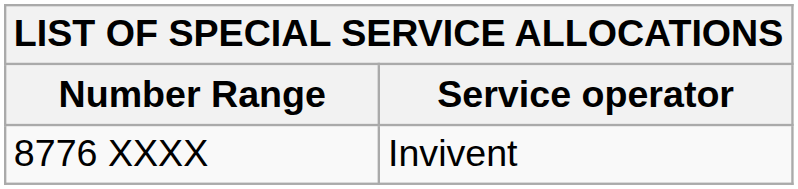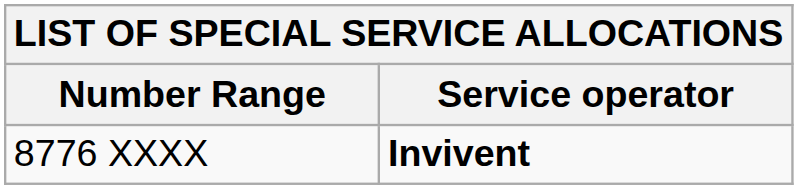 <table class="wikitable" border=1>
 <tr>
 <th colspan="2">LIST OF SPECIAL SERVICE ALLOCATIONS</th>
 </tr>
 <tr>
 <th>Number Range</th>
 <th>Service operator</th>
 </tr>
 <tr>
 <td>8776 XXXX</td>
-<td>Invivent</td>
+<td><strong>Invivent</strong></td>
 </tr>
 </table>
